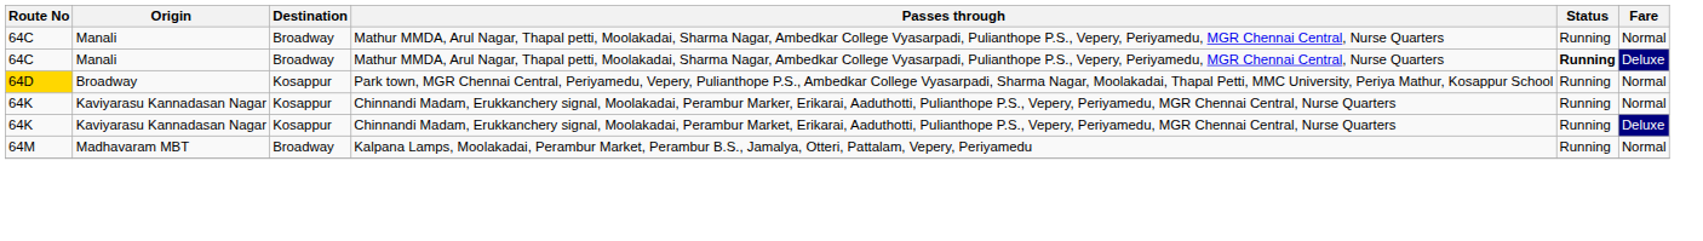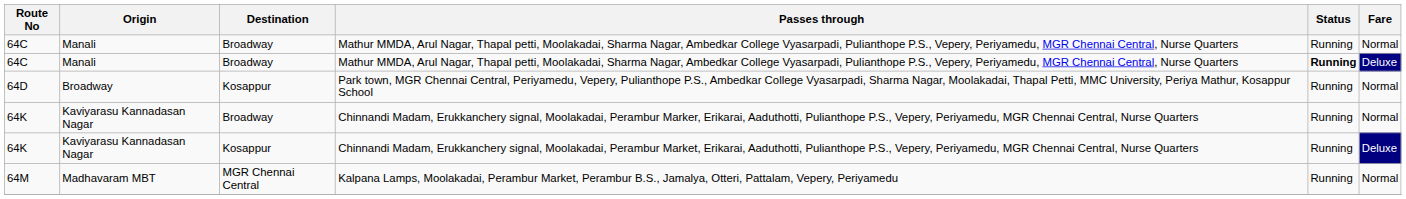 <table class="wikitable sortable collapsable plainrowheaders">
 <tr>
 <th>Route No</th>
 <th>Origin</th>
 <th>Destination</th>
 <th>Passes through</th>
 <th>Status</th>
 <th>Fare</th>
 </tr>
 <tr>
 <td>64C</td>
 <td>Manali</td>
 <td>Broadway</td>
 <td>Mathur MMDA, Arul Nagar, Thapal petti, Moolakadai, Sharma Nagar, Ambedkar College Vyasarpadi, Pulianthope P.S., Vepery, Periyamedu, <a href='#'>MGR Chennai Central</a>, Nurse Quarters</td>
 <td>Running</td>
 <td>Normal</td>
 </tr>
 <tr>
 <td>64C</td>
 <td>Manali</td>
 <td>Broadway</td>
 <td>Mathur MMDA, Arul Nagar, Thapal petti, Moolakadai, Sharma Nagar, Ambedkar College Vyasarpadi, Pulianthope P.S., Vepery, Periyamedu, <a href='#'>MGR Chennai Central</a>, Nurse Quarters</td>
 <td><strong>Running</strong></td>
 <td style="background:navy; color:white">Deluxe</td>
 </tr>
 <tr>
-<td style="background: gold;">64D</td>
+<td>64D</td>
 <td>Broadway</td>
 <td>Kosappur</td>
 <td>Park town, MGR Chennai Central, Periyamedu, Vepery, Pulianthope P.S., Ambedkar College Vyasarpadi, Sharma Nagar, Moolakadai, Thapal Petti, MMC University, Periya Mathur, Kosappur School</td>
 <td>Running</td>
 <td>Normal</td>
 </tr>
 <tr>
 <td>64K</td>
 <td>Kaviyarasu Kannadasan Nagar</td>
-<td>Kosappur</td>
+<td>Broadway</td>
 <td>Chinnandi Madam, Erukkanchery signal, Moolakadai, Perambur Marker, Erikarai, Aaduthotti, Pulianthope P.S., Vepery, Periyamedu, MGR Chennai Central, Nurse Quarters</td>
 <td>Running</td>
 <td>Normal</td>
 </tr>
 <tr>
 <td>64K</td>
 <td>Kaviyarasu Kannadasan Nagar</td>
 <td>Kosappur</td>
 <td>Chinnandi Madam, Erukkanchery signal, Moolakadai, Perambur Market, Erikarai, Aaduthotti, Pulianthope P.S., Vepery, Periyamedu, MGR Chennai Central, Nurse Quarters</td>
 <td>Running</td>
 <td style="background:navy; color:white">Deluxe</td>
 </tr>
 <tr>
 <td>64M</td>
 <td>Madhavaram MBT</td>
-<td>Broadway</td>
+<td>MGR Chennai Central</td>
 <td>Kalpana Lamps, Moolakadai, Perambur Market, Perambur B.S., Jamalya, Otteri, Pattalam, Vepery, Periyamedu</td>
 <td>Running</td>
 <td>Normal</td>
 </tr>
 <tr>
 </tr>
 </table>
